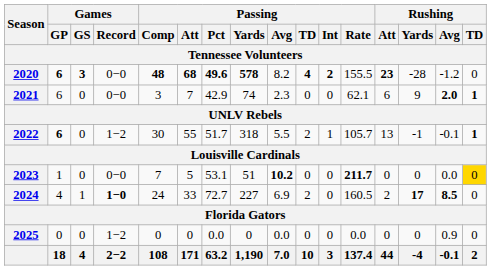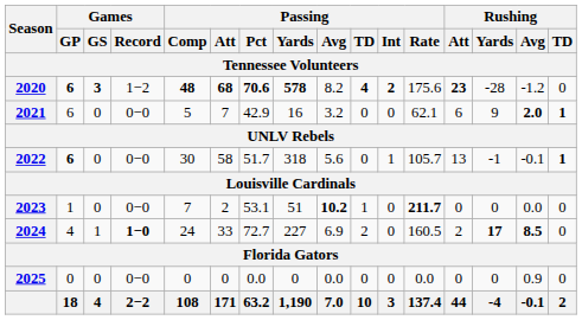 <table class="wikitable" style="text-align:center;">
 <tr>
 <th rowspan="2">Season</th>
 <th colspan="3">Games</th>
 <th colspan="8">Passing</th>
 <th colspan="5">Rushing</th>
 </tr>
 <tr>
 <th>GP</th>
 <th>GS</th>
 <th>Record</th>
 <th>Comp</th>
 <th>Att</th>
 <th>Pct</th>
 <th>Yards</th>
 <th>Avg</th>
 <th>TD</th>
 <th>Int</th>
 <th>Rate</th>
 <th>Att</th>
 <th>Yards</th>
 <th>Avg</th>
 <th>TD</th>
 </tr>
 <tr>
 <th colspan="16">Tennessee Volunteers</th>
 </tr>
 <tr>
 <th><a href='#'>2020</a></th>
 <td><strong>6</strong></td>
 <td><strong>3</strong></td>
-<td>0−0</td>
+<td>1−2</td>
 <td><strong>48</strong></td>
 <td><strong>68</strong></td>
-<td><strong>49.6</strong></td>
+<td><strong>70.6</strong></td>
 <td><strong>578</strong></td>
 <td>8.2</td>
 <td><strong>4</strong></td>
 <td><strong>2</strong></td>
-<td>155.5</td>
+<td>175.6</td>
 <td><strong>23</strong></td>
 <td>-28</td>
 <td>-1.2</td>
 <td>0</td>
 </tr>
 <tr>
 <th><a href='#'>2021</a></th>
 <td>6</td>
 <td>0</td>
 <td>0−0</td>
-<td>3</td>
+<td>5</td>
 <td>7</td>
 <td>42.9</td>
-<td>74</td>
-<td>2.3</td>
+<td>16</td>
+<td>3.2</td>
 <td>0</td>
 <td>0</td>
 <td>62.1</td>
 <td>6</td>
 <td>9</td>
 <td><strong>2.0</strong></td>
 <td><strong>1</strong></td>
 </tr>
 <tr>
 <th colspan="16">UNLV Rebels</th>
 </tr>
 <tr>
 <th><a href='#'>2022</a></th>
 <td><strong>6</strong></td>
 <td>0</td>
-<td>1−2</td>
+<td>0−0</td>
 <td>30</td>
-<td>55</td>
+<td>58</td>
 <td>51.7</td>
 <td>318</td>
-<td>5.5</td>
-<td>2</td>
+<td>5.6</td>
+<td>0</td>
 <td>1</td>
 <td>105.7</td>
 <td>13</td>
 <td>-1</td>
 <td>-0.1</td>
 <td><strong>1</strong></td>
 </tr>
 <tr>
 <th colspan="16">Louisville Cardinals</th>
 </tr>
 <tr>
 <th><a href='#'>2023</a></th>
 <td>1</td>
 <td>0</td>
 <td>0−0</td>
 <td>7</td>
-<td>5</td>
+<td>2</td>
 <td>53.1</td>
 <td>51</td>
 <td><strong>10.2</strong></td>
-<td>0</td>
+<td>1</td>
 <td>0</td>
 <td><strong>211.7</strong></td>
 <td>0</td>
 <td>0</td>
 <td>0.0</td>
-<td style="background: gold;">0</td>
+<td>0</td>
 </tr>
 <tr>
 <th><a href='#'>2024</a></th>
 <td>4</td>
 <td>1</td>
 <td><strong>1−0</strong></td>
 <td>24</td>
 <td>33</td>
 <td>72.7</td>
 <td>227</td>
 <td>6.9</td>
 <td>2</td>
 <td>0</td>
 <td>160.5</td>
 <td>2</td>
 <td><strong>17</strong></td>
 <td><strong>8.5</strong></td>
 <td>0</td>
 </tr>
 <tr>
 <th colspan="16">Florida Gators</th>
 </tr>
 <tr>
 <th><a href='#'>2025</a></th>
 <td>0</td>
 <td>0</td>
-<td>1−2</td>
+<td>0−0</td>
 <td>0</td>
 <td>0</td>
 <td>0.0</td>
 <td>0</td>
 <td>0.0</td>
 <td>0</td>
 <td>0</td>
 <td>0.0</td>
 <td>0</td>
 <td>0</td>
 <td>0.9</td>
 <td>0</td>
 </tr>
 <tr>
 <th></th>
 <th>18</th>
 <th>4</th>
 <th>2−2</th>
 <th>108</th>
 <th>171</th>
 <th>63.2</th>
 <th>1,190</th>
 <th>7.0</th>
 <th>10</th>
 <th>3</th>
 <th>137.4</th>
 <th>44</th>
 <th>-4</th>
 <th>-0.1</th>
 <th>2</th>
 </tr>
 </table>
